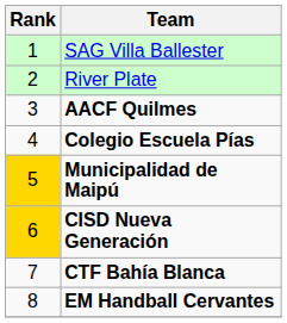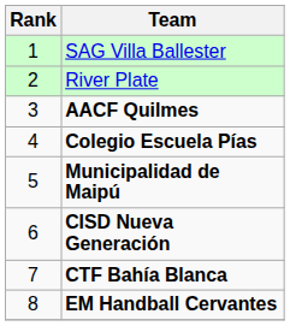 <table class=wikitable style="text-align:center;">
 <tr>
 <th>Rank</th>
 <th width=180>Team</th>
 </tr>
 <tr bgcolor=#CCFFCC>
 <td>1</td>
 <td align=left><a href='#'>SAG Villa Ballester</a></td>
 </tr>
 <tr bgcolor=#CCFFCC>
 <td>2</td>
 <td align=left><a href='#'>River Plate</a></td>
 </tr>
 <tr>
 <td>3</td>
 <td align=left><strong>AACF Quilmes</strong></td>
 </tr>
 <tr>
 <td>4</td>
 <td align=left><strong>Colegio Escuela Pías</strong></td>
 </tr>
 <tr>
-<td style="background: gold;">5</td>
+<td>5</td>
 <td align=left><strong>Municipalidad de Maipú</strong></td>
 </tr>
 <tr>
-<td style="background: gold;">6</td>
+<td>6</td>
 <td align=left><strong>CISD Nueva Generación</strong></td>
 </tr>
 <tr>
 <td>7</td>
 <td align=left><strong>CTF Bahía Blanca</strong></td>
 </tr>
 <tr>
 <td>8</td>
 <td align=left><strong>EM Handball Cervantes</strong></td>
 </tr>
 <tr>
 </tr>
 </table>
